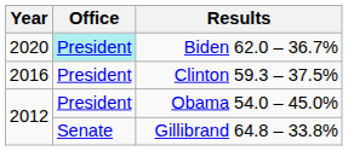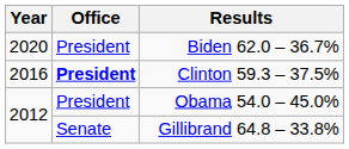 <table class=wikitable>
 <tr>
 <th width="30">Year</th>
 <th width="60">Office</th>
 <th width="180">Results</th>
 </tr>
 <tr>
 <td>2020</td>
-<td style="background: paleturquoise;"><a href='#'>President</a></td>
+<td><a href='#'>President</a></td>
 <td align="right" ><a href='#'>Biden</a> 62.0 – 36.7%</td>
 </tr>
 <tr>
 <td>2016</td>
-<td><a href='#'>President</a></td>
+<td><strong><a href='#'>President</a></strong></td>
 <td align="right" ><a href='#'>Clinton</a> 59.3 – 37.5%</td>
 </tr>
 <tr>
 <td rowspan="2">2012</td>
 <td><a href='#'>President</a></td>
 <td align="right" ><a href='#'>Obama</a> 54.0 – 45.0%</td>
 </tr>
 <tr>
 <td><a href='#'>Senate</a></td>
 <td align="right" ><a href='#'>Gillibrand</a> 64.8 – 33.8%</td>
 </tr>
 </table>
